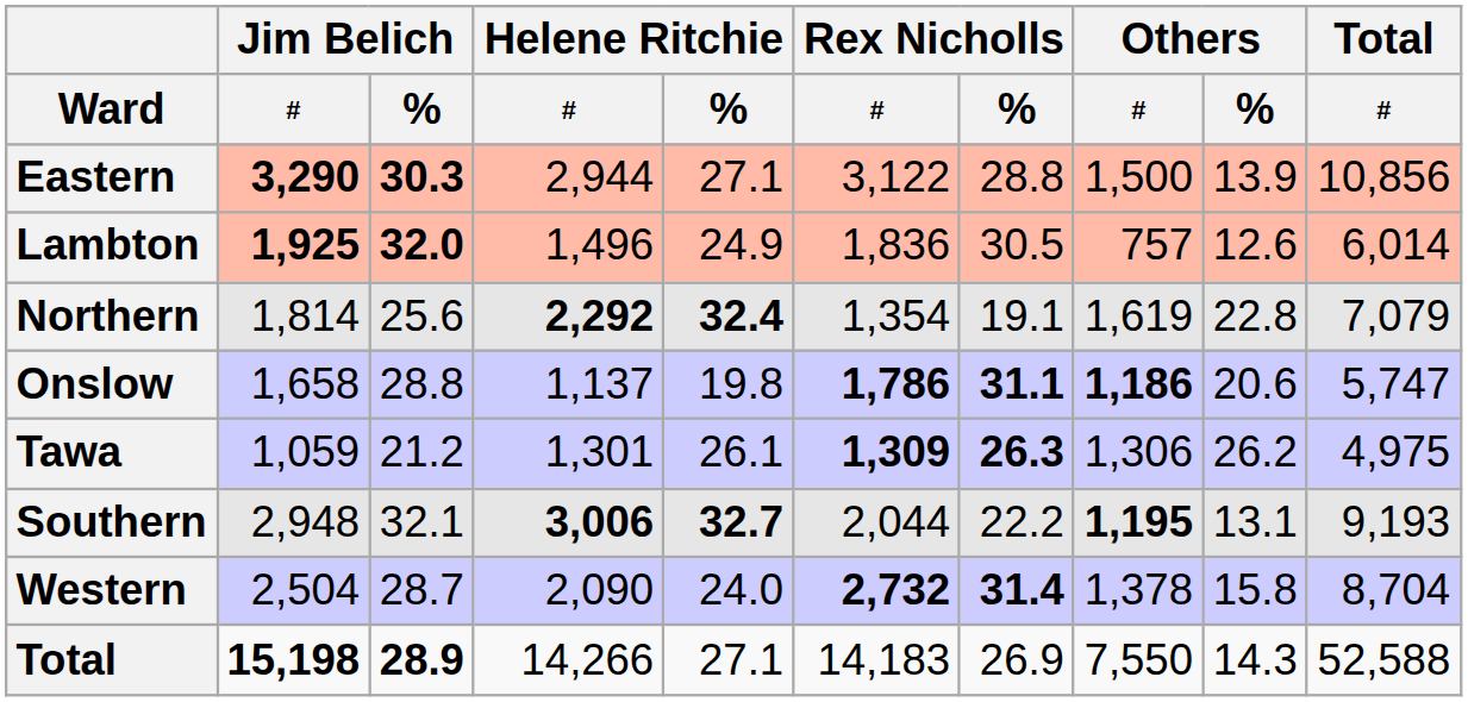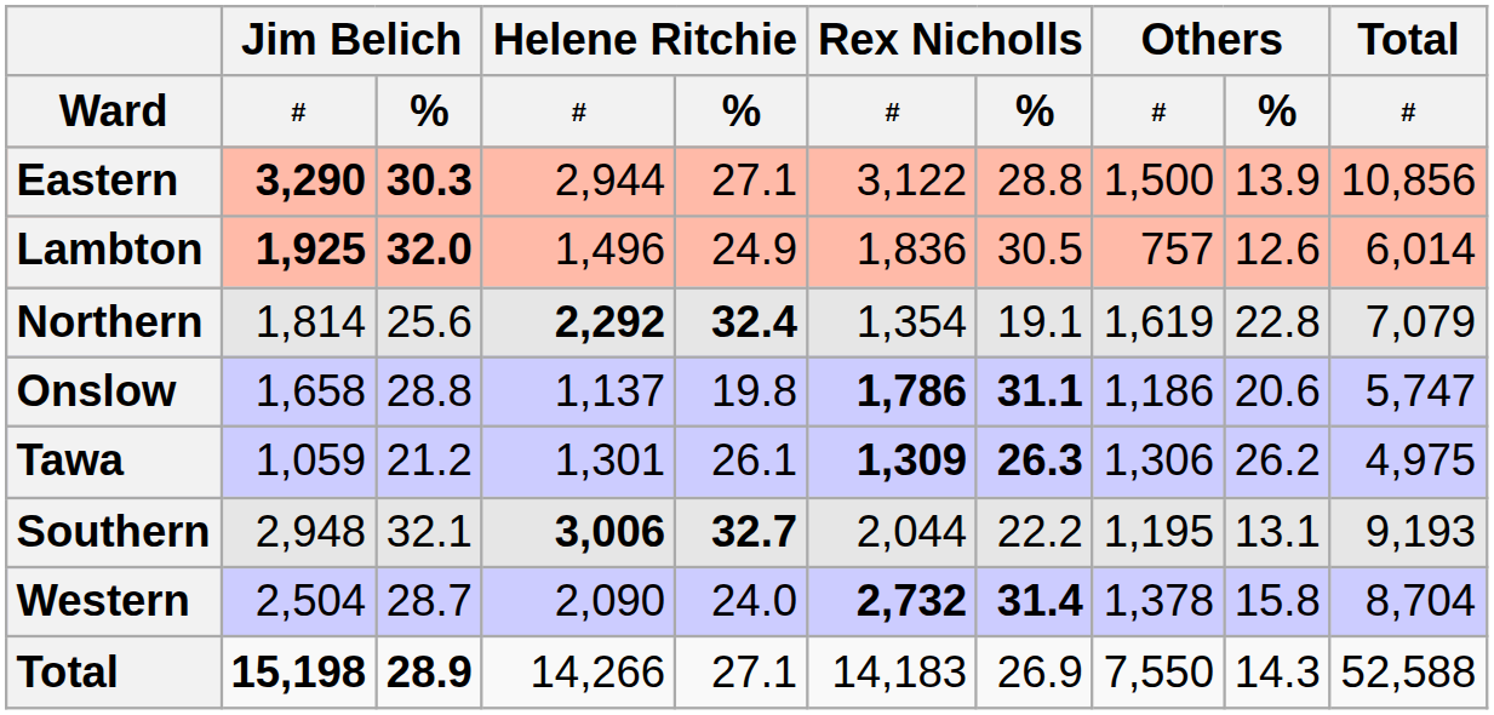 <table class="wikitable sortable" style="text-align:right;">
 <tr>
 <th></th>
 <th scope="col" align=center colspan=2>Jim Belich</th>
 <th scope="col" align=center colspan=2>Helene Ritchie</th>
 <th scope="col" align=center colspan=2>Rex Nicholls</th>
 <th scope="col" align=center colspan=2>Others</th>
 <th scope="col" align=center colspan=2>Total</th>
 </tr>
 <tr>
 <th scope="col" align=center>Ward</th>
 <th scope="col" style="text-align:center; font-size: 60%" data-sort-type="number">#</th>
 <th scope="col" align=center data-sort-type="number">%</th>
 <th scope="col" style="text-align:center; font-size: 60%" data-sort-type="number">#</th>
 <th scope="col" align=center data-sort-type="number">%</th>
 <th scope="col" style="text-align:center; font-size: 60%" data-sort-type="number">#</th>
 <th scope="col" align=center data-sort-type="number">%</th>
 <th scope="col" style="text-align:center; font-size: 60%" data-sort-type="number">#</th>
 <th scope="col" align=center data-sort-type="number">%</th>
 <th scope="col" style="text-align:center; font-size: 60%" data-sort-type="number">#</th>
 </tr>
 <tr bgcolor="#FFBAA8">
 <th scope="row" style="text-align:left;">Eastern</th>
 <td><strong>3,290</strong></td>
 <td><strong>30.3</strong></td>
 <td>2,944</td>
 <td>27.1</td>
 <td>3,122</td>
 <td>28.8</td>
 <td>1,500</td>
 <td>13.9</td>
 <td>10,856</td>
 </tr>
 <tr bgcolor="#FFBAA8">
 <th scope="row" style="text-align:left;">Lambton</th>
 <td><strong>1,925</strong></td>
 <td><strong>32.0</strong></td>
 <td>1,496</td>
 <td>24.9</td>
 <td>1,836</td>
 <td>30.5</td>
 <td>757</td>
 <td>12.6</td>
 <td>6,014</td>
 </tr>
 <tr bgcolor="#E6E6E6">
 <th scope="row" style="text-align:left;">Northern</th>
 <td>1,814</td>
 <td>25.6</td>
 <td><strong>2,292</strong></td>
 <td><strong>32.4</strong></td>
 <td>1,354</td>
 <td>19.1</td>
 <td>1,619</td>
 <td>22.8</td>
 <td>7,079</td>
 </tr>
 <tr bgcolor="#CCCCFF">
 <th scope="row" style="text-align:left;">Onslow</th>
 <td>1,658</td>
 <td>28.8</td>
 <td>1,137</td>
 <td>19.8</td>
 <td><strong>1,786</strong></td>
 <td><strong>31.1</strong></td>
-<td><strong>1,186</strong></td>
+<td>1,186</td>
 <td>20.6</td>
 <td>5,747</td>
 </tr>
 <tr bgcolor="#CCCCFF">
 <th scope="row" style="text-align:left;">Tawa</th>
 <td>1,059</td>
 <td>21.2</td>
 <td>1,301</td>
 <td>26.1</td>
 <td><strong>1,309</strong></td>
 <td><strong>26.3</strong></td>
 <td>1,306</td>
 <td>26.2</td>
 <td>4,975</td>
 </tr>
 <tr bgcolor="#E6E6E6">
 <th scope="row" style="text-align:left;">Southern</th>
 <td>2,948</td>
 <td>32.1</td>
 <td><strong>3,006</strong></td>
 <td><strong>32.7</strong></td>
 <td>2,044</td>
 <td>22.2</td>
-<td><strong>1,195</strong></td>
+<td>1,195</td>
 <td>13.1</td>
 <td>9,193</td>
 </tr>
 <tr bgcolor="#CCCCFF">
 <th scope="row" style="text-align:left;">Western</th>
 <td>2,504</td>
 <td>28.7</td>
 <td>2,090</td>
 <td>24.0</td>
 <td><strong>2,732</strong></td>
 <td><strong>31.4</strong></td>
 <td>1,378</td>
 <td>15.8</td>
 <td>8,704</td>
 </tr>
 <tr>
 <th scope="row" style="text-align:left;" data-sort-value="Z">Total</th>
 <td data-sort-value="Z"><strong>15,198</strong></td>
 <td><strong>28.9</strong></td>
 <td>14,266</td>
 <td>27.1</td>
 <td>14,183</td>
 <td>26.9</td>
 <td>7,550</td>
 <td>14.3</td>
 <td>52,588</td>
 </tr>
 </table>
